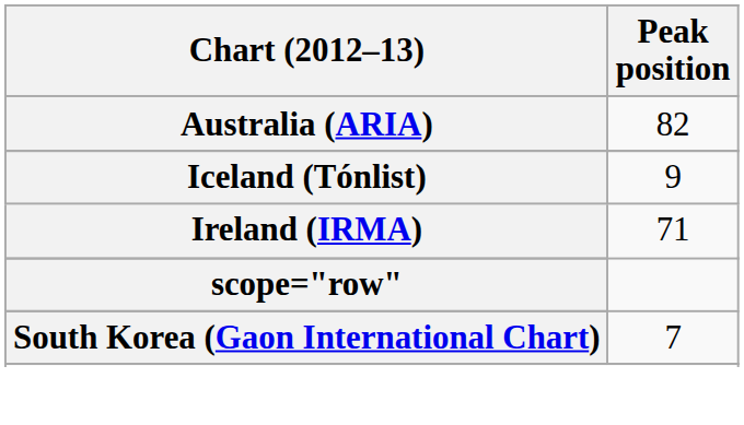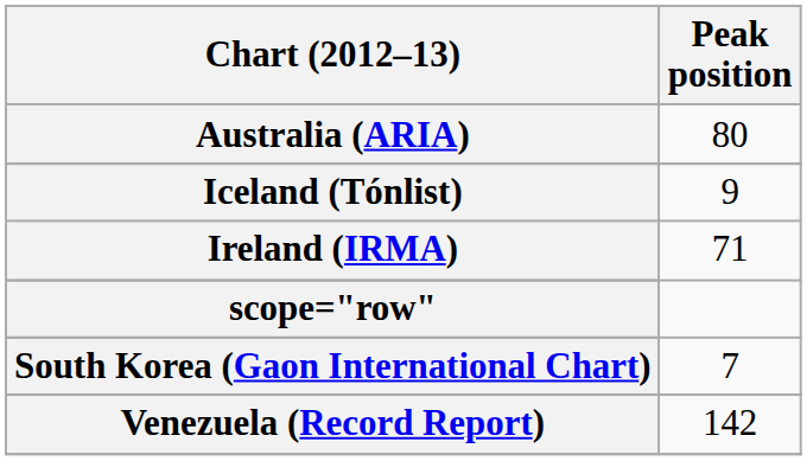 <table class="wikitable sortable plainrowheaders" style="text-align:center;">
 <tr>
 <th>Chart (2012–13)</th>
 <th>Peak<br>position</th>
 </tr>
 <tr>
 <th scope="row">Australia (<a href='#'>ARIA</a>)</th>
-<td>82</td>
+<td>80</td>
 </tr>
 <tr>
 </tr>
 <tr>
 </tr>
 <tr>
 </tr>
 <tr>
 </tr>
 <tr>
 </tr>
 <tr>
 </tr>
 <tr>
 </tr>
 <tr>
 </tr>
 <tr>
 </tr>
 <tr>
 </tr>
 <tr>
 <th scope="row">Iceland (Tónlist)</th>
 <td>9</td>
 </tr>
 <tr>
 <th scope="row">Ireland (<a href='#'>IRMA</a>)</th>
 <td>71</td>
 </tr>
 <tr>
 </tr>
 <tr>
 </tr>
 <tr>
 <th>scope="row" </th>
 </tr>
 <tr>
 </tr>
 <tr>
 </tr>
 <tr>
 </tr>
 <tr>
 <th scope="row">South Korea (<a href='#'>Gaon International Chart</a>)</th>
 <td style="text-align:center;">7</td>
 </tr>
 <tr>
 </tr>
 <tr>
 </tr>
 <tr>
 </tr>
 <tr>
 </tr>
 <tr>
 </tr>
 <tr>
 </tr>
 <tr>
 </tr>
 <tr>
 </tr>
 <tr>
+<th scope="row">Venezuela (<a href='#'>Record Report</a>)</th>
+<td>142</td>
+</tr>
+<tr>
 </tr>
 </table>
